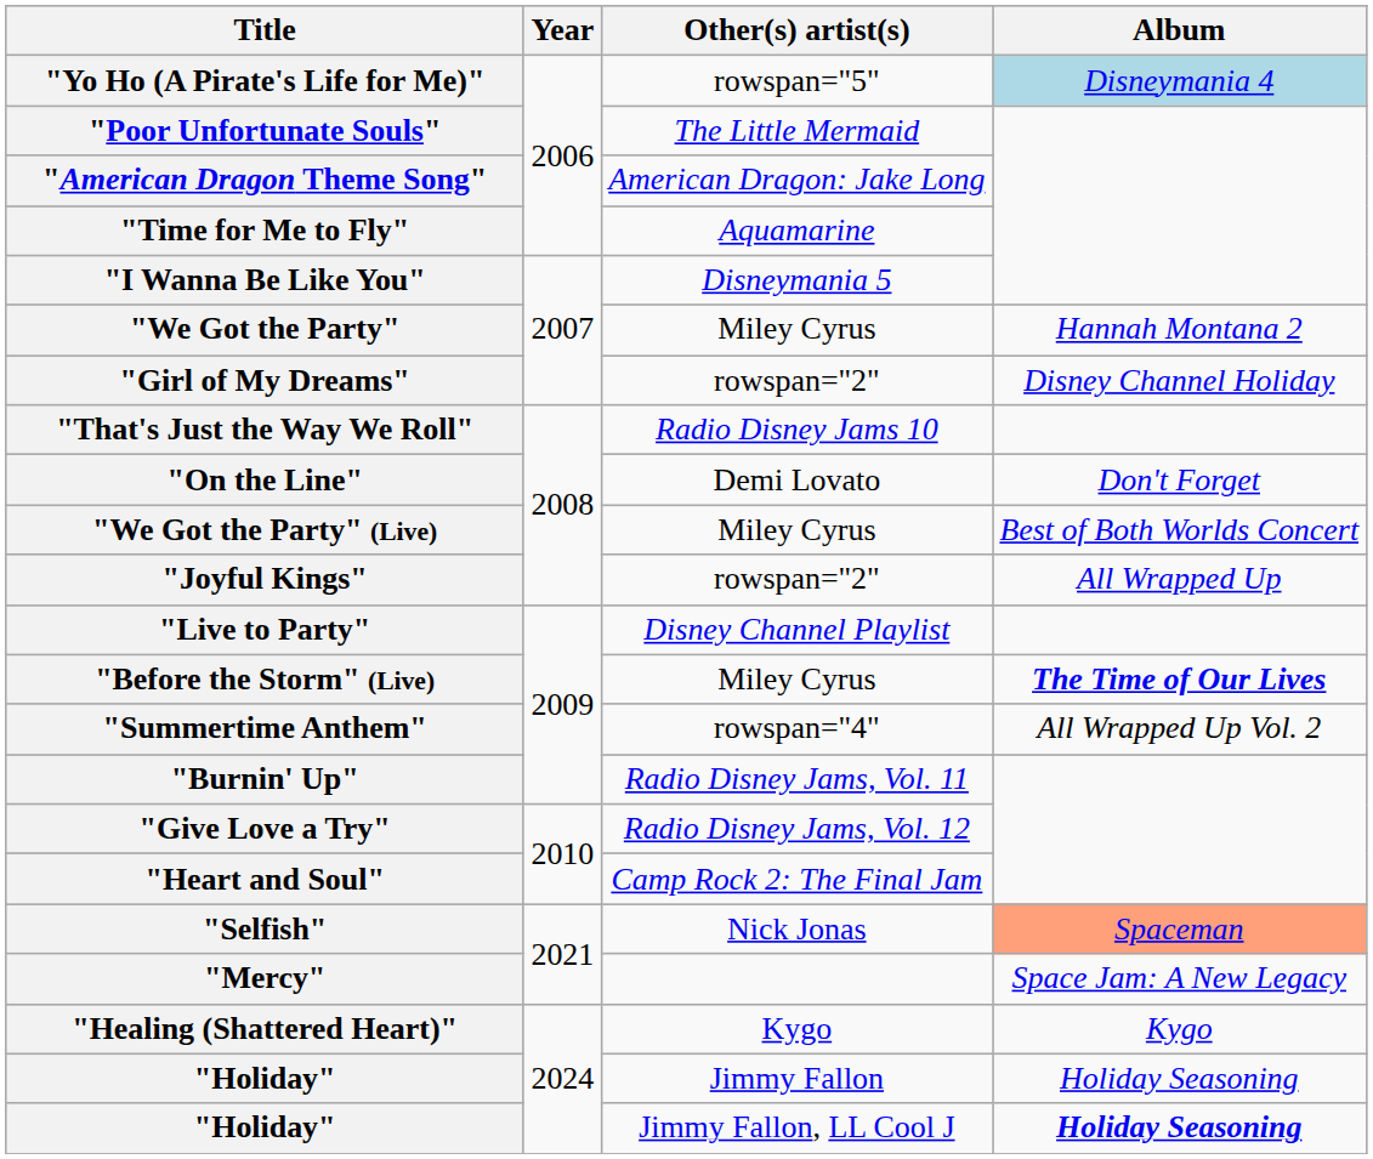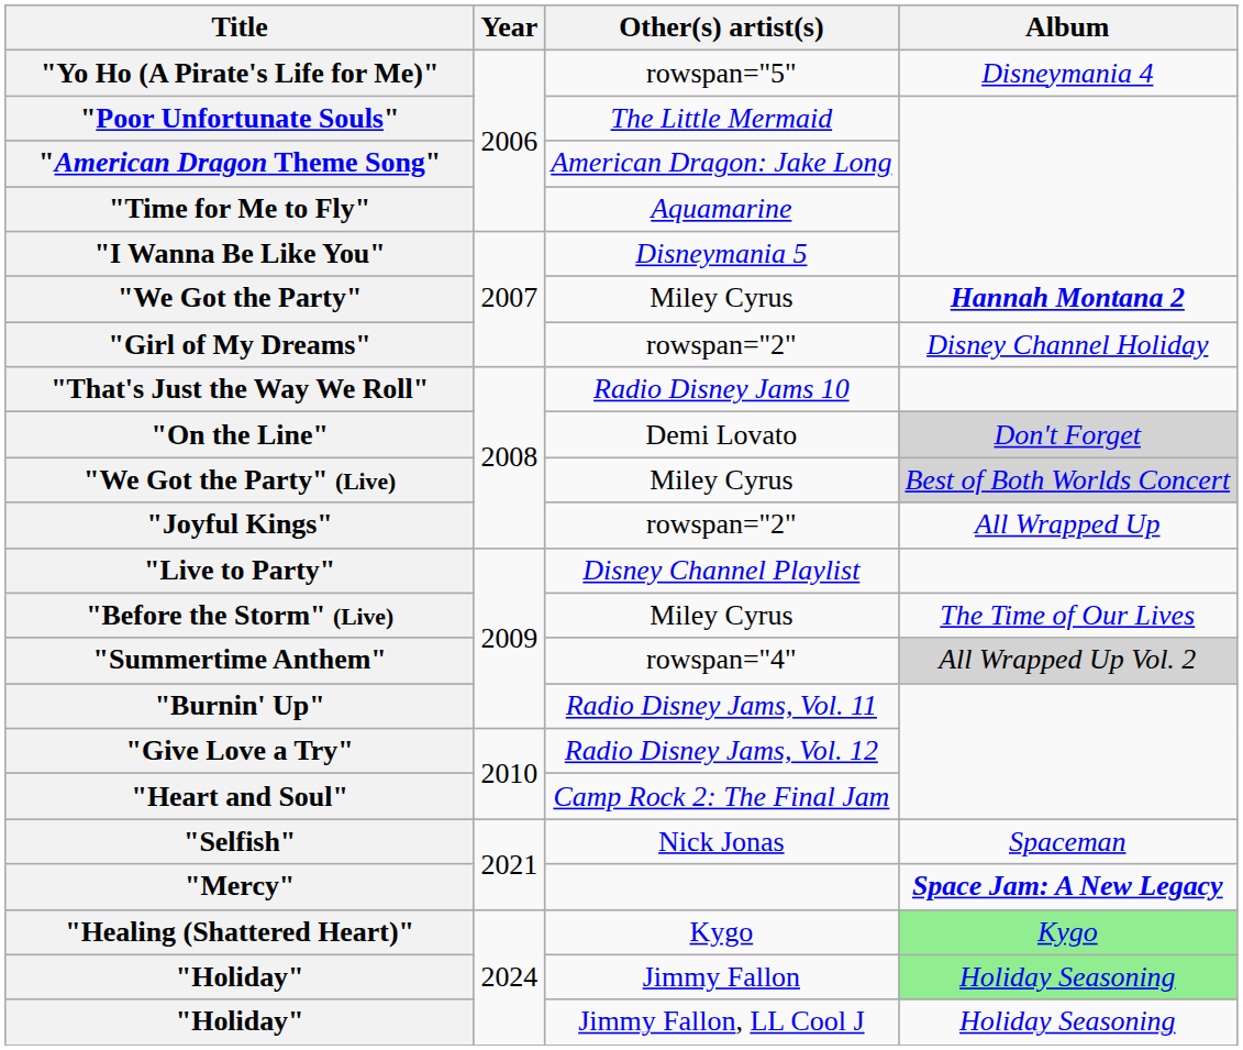 <table class="wikitable plainrowheaders" style="text-align:center;" border="1">
 <tr>
 <th scope="col" style="width:16em;">Title</th>
 <th scope="col">Year</th>
 <th scope="col">Other(s) artist(s)</th>
 <th scope="col">Album</th>
 </tr>
 <tr>
 <th scope="row">"Yo Ho (A Pirate's Life for Me)"</th>
 <td rowspan="4">2006</td>
 <td>rowspan="5" </td>
-<td style="background: lightblue;"><em><a href='#'>Disneymania 4</a></em></td>
+<td><em><a href='#'>Disneymania 4</a></em></td>
 </tr>
 <tr>
 <th scope="row">"<a href='#'>Poor Unfortunate Souls</a>"</th>
 <td><em><a href='#'>The Little Mermaid</a></em></td>
 </tr>
 <tr>
 <th scope="row">"<a href='#'><em>American Dragon</em> Theme Song</a>"</th>
 <td><em><a href='#'>American Dragon: Jake Long</a></em></td>
 </tr>
 <tr>
 <th scope="row">"Time for Me to Fly"</th>
 <td><em><a href='#'>Aquamarine</a></em></td>
 </tr>
 <tr>
 <th scope="row">"I Wanna Be Like You"</th>
 <td rowspan="3">2007</td>
 <td><em><a href='#'>Disneymania 5</a></em></td>
 </tr>
 <tr>
 <th scope="row">"We Got the Party"</th>
 <td>Miley Cyrus</td>
-<td><em><a href='#'>Hannah Montana 2</a></em></td>
+<td><strong><em><a href='#'>Hannah Montana 2</a></em></strong></td>
 </tr>
 <tr>
 <th scope="row">"Girl of My Dreams"</th>
 <td>rowspan="2" </td>
 <td><em><a href='#'>Disney Channel Holiday</a></em></td>
 </tr>
 <tr>
 <th scope="row">"That's Just the Way We Roll"</th>
 <td rowspan="4">2008</td>
 <td><em><a href='#'>Radio Disney Jams 10</a></em></td>
 </tr>
 <tr>
 <th scope="row">"On the Line"</th>
 <td>Demi Lovato</td>
-<td><em><a href='#'>Don't Forget</a></em></td>
+<td style="background: lightgrey;"><em><a href='#'>Don't Forget</a></em></td>
 </tr>
 <tr>
 <th scope="row">"We Got the Party" <small>(Live)</small></th>
 <td>Miley Cyrus</td>
-<td><em><a href='#'>Best of Both Worlds Concert</a></em></td>
+<td style="background: lightgrey;"><em><a href='#'>Best of Both Worlds Concert</a></em></td>
 </tr>
 <tr>
 <th scope="row">"Joyful Kings"</th>
 <td>rowspan="2" </td>
 <td><em><a href='#'>All Wrapped Up</a></em></td>
 </tr>
 <tr>
 <th scope="row">"Live to Party"</th>
 <td rowspan="4">2009</td>
 <td><em><a href='#'>Disney Channel Playlist</a></em></td>
 </tr>
 <tr>
 <th scope="row">"Before the Storm" <small>(Live)</small></th>
 <td>Miley Cyrus</td>
-<td><strong><em><a href='#'>The Time of Our Lives</a></em></strong></td>
+<td><em><a href='#'>The Time of Our Lives</a></em></td>
 </tr>
 <tr>
 <th scope="row">"Summertime Anthem"</th>
 <td>rowspan="4" </td>
-<td><em>All Wrapped Up Vol. 2</em></td>
+<td style="background: lightgrey;"><em>All Wrapped Up Vol. 2</em></td>
 </tr>
 <tr>
 <th scope="row">"Burnin' Up"</th>
 <td><em><a href='#'>Radio Disney Jams, Vol. 11</a></em> </td>
 </tr>
 <tr>
 <th scope="row">"Give Love a Try"</th>
 <td rowspan="2">2010</td>
 <td><em><a href='#'>Radio Disney Jams, Vol. 12</a></em> </td>
 </tr>
 <tr>
 <th scope="row">"Heart and Soul"</th>
 <td><em><a href='#'>Camp Rock 2: The Final Jam</a></em> </td>
 </tr>
 <tr>
 <th scope="row">"Selfish"</th>
 <td rowspan="2">2021</td>
 <td><a href='#'>Nick Jonas</a></td>
-<td style="background: lightsalmon;"><em><a href='#'>Spaceman</a></em> </td>
+<td><em><a href='#'>Spaceman</a></em> </td>
 </tr>
 <tr>
 <th scope="row">"Mercy"</th>
 <td></td>
-<td><em><a href='#'>Space Jam: A New Legacy</a></em></td>
+<td><strong><em><a href='#'>Space Jam: A New Legacy</a></em></strong></td>
 </tr>
 <tr>
 <th scope="row">"Healing (Shattered Heart)"</th>
 <td rowspan="3">2024</td>
 <td><a href='#'>Kygo</a></td>
-<td><em><a href='#'>Kygo</a></em></td>
+<td style="background: lightgreen;"><em><a href='#'>Kygo</a></em></td>
 </tr>
 <tr>
 <th scope="row">"Holiday"</th>
 <td><a href='#'>Jimmy Fallon</a></td>
-<td><em><a href='#'>Holiday Seasoning</a></em></td>
+<td style="background: lightgreen;"><em><a href='#'>Holiday Seasoning</a></em></td>
 </tr>
 <tr>
 <th scope="row">"Holiday"</th>
 <td><a href='#'>Jimmy Fallon</a>, <a href='#'>LL Cool J</a></td>
-<td><strong><em><a href='#'>Holiday Seasoning</a></em></strong></td>
+<td><em><a href='#'>Holiday Seasoning</a></em></td>
 </tr>
 </table>
